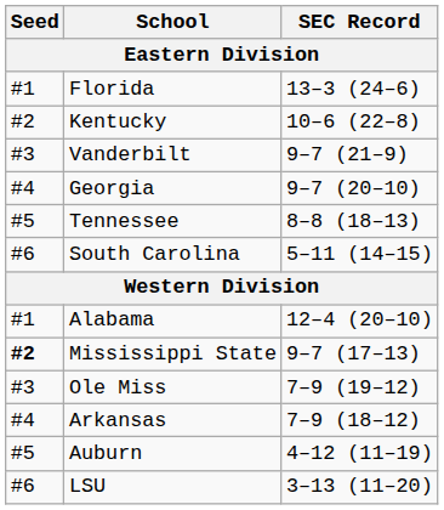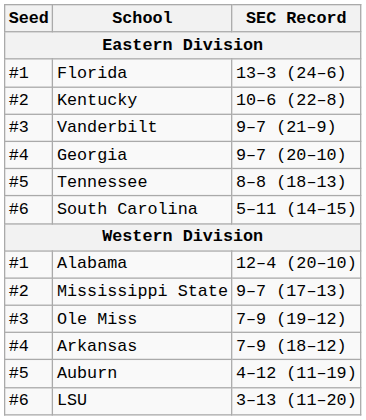 <table class="wikitable">
 <tr style="background:#efefef;">
 <th>Seed</th>
 <th>School</th>
 <th>SEC Record</th>
 </tr>
 <tr>
 <th colspan=5>Eastern Division</th>
 </tr>
 <tr>
 <td>#1</td>
 <td>Florida</td>
 <td>13–3 (24–6)</td>
 </tr>
 <tr>
 <td>#2</td>
 <td>Kentucky</td>
 <td>10–6 (22–8)</td>
 </tr>
 <tr>
 <td>#3</td>
 <td>Vanderbilt</td>
 <td>9–7 (21–9)</td>
 </tr>
 <tr>
 <td>#4</td>
 <td>Georgia</td>
 <td>9–7 (20–10)</td>
 </tr>
 <tr>
 <td>#5</td>
 <td>Tennessee</td>
 <td>8–8 (18–13)</td>
 </tr>
 <tr>
 <td>#6</td>
 <td>South Carolina</td>
 <td>5–11 (14–15)</td>
 </tr>
 <tr>
 <th colspan=5>Western Division</th>
 </tr>
 <tr>
 <td>#1</td>
 <td>Alabama</td>
 <td>12–4 (20–10)</td>
 </tr>
 <tr>
-<td><strong>#2</strong></td>
+<td>#2</td>
 <td>Mississippi State</td>
 <td>9–7 (17–13)</td>
 </tr>
 <tr>
 <td>#3</td>
 <td>Ole Miss</td>
 <td>7–9 (19–12)</td>
 </tr>
 <tr>
 <td>#4</td>
 <td>Arkansas</td>
 <td>7–9 (18–12)</td>
 </tr>
 <tr>
 <td>#5</td>
 <td>Auburn</td>
 <td>4–12 (11–19)</td>
 </tr>
 <tr>
 <td>#6</td>
 <td>LSU</td>
 <td>3–13 (11–20)</td>
 </tr>
 </table>
